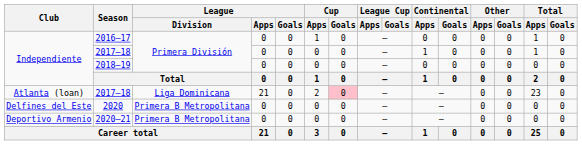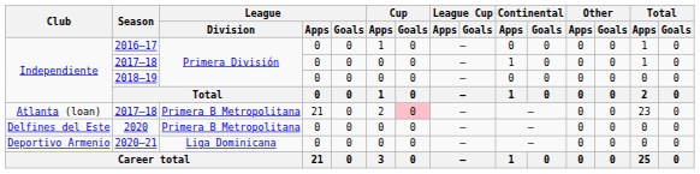 <table class="wikitable" style="text-align:center">
 <tr>
 <th rowspan="2">Club</th>
 <th rowspan="2">Season</th>
 <th colspan="3">League</th>
 <th colspan="2">Cup</th>
 <th colspan="2">League Cup</th>
 <th colspan="2">Continental</th>
 <th colspan="2">Other</th>
 <th colspan="2">Total</th>
 </tr>
 <tr>
 <th>Division</th>
 <th>Apps</th>
 <th>Goals</th>
 <th>Apps</th>
 <th>Goals</th>
 <th>Apps</th>
 <th>Goals</th>
 <th>Apps</th>
 <th>Goals</th>
 <th>Apps</th>
 <th>Goals</th>
 <th>Apps</th>
 <th>Goals</th>
 </tr>
 <tr>
 <td rowspan="4"><a href='#'>Independiente</a></td>
 <td><a href='#'>2016–17</a></td>
 <td rowspan="3"><a href='#'>Primera División</a></td>
 <td>0</td>
 <td>0</td>
 <td>1</td>
 <td>0</td>
 <td colspan="2">—</td>
 <td>0</td>
 <td>0</td>
 <td>0</td>
 <td>0</td>
 <td>1</td>
 <td>0</td>
 </tr>
 <tr>
 <td><a href='#'>2017–18</a></td>
 <td>0</td>
 <td>0</td>
 <td>0</td>
 <td>0</td>
 <td colspan="2">—</td>
 <td>1</td>
 <td>0</td>
 <td>0</td>
 <td>0</td>
 <td>1</td>
 <td>0</td>
 </tr>
 <tr>
 <td><a href='#'>2018–19</a></td>
 <td>0</td>
 <td>0</td>
 <td>0</td>
 <td>0</td>
 <td colspan="2">—</td>
 <td>0</td>
 <td>0</td>
 <td>0</td>
 <td>0</td>
 <td>0</td>
 <td>0</td>
 </tr>
 <tr>
 <th colspan="2">Total</th>
 <th>0</th>
 <th>0</th>
 <th>1</th>
 <th>0</th>
 <th colspan="2">—</th>
 <th>1</th>
 <th>0</th>
 <th>0</th>
 <th>0</th>
 <th>2</th>
 <th>0</th>
 </tr>
 <tr>
 <td rowspan="1"><a href='#'>Atlanta</a> (loan)</td>
 <td><a href='#'>2017–18</a></td>
-<td rowspan="1"><a href='#'>Liga Dominicana</a></td>
+<td rowspan="1"><a href='#'>Primera B Metropolitana</a></td>
 <td>21</td>
 <td>0</td>
 <td>2</td>
 <td style="background: pink;">0</td>
 <td colspan="2">—</td>
 <td colspan="2">—</td>
 <td>0</td>
 <td>0</td>
 <td>23</td>
 <td>0</td>
 </tr>
 <tr>
 <td rowspan="1"><a href='#'>Delfines del Este</a></td>
 <td><a href='#'>2020</a></td>
 <td rowspan="1"><a href='#'>Primera B Metropolitana</a></td>
 <td>0</td>
 <td>0</td>
 <td>0</td>
 <td>0</td>
 <td colspan="2">—</td>
 <td colspan="2">—</td>
 <td>0</td>
 <td>0</td>
 <td>0</td>
 <td>0</td>
 </tr>
 <tr>
 <td rowspan="1"><a href='#'>Deportivo Armenio</a></td>
 <td><a href='#'>2020–21</a></td>
-<td rowspan="1"><a href='#'>Primera B Metropolitana</a></td>
+<td rowspan="1"><a href='#'>Liga Dominicana</a></td>
 <td>0</td>
 <td>0</td>
 <td>0</td>
 <td>0</td>
 <td colspan="2">—</td>
 <td colspan="2">—</td>
 <td>0</td>
 <td>0</td>
 <td>0</td>
 <td>0</td>
 </tr>
 <tr>
 <th colspan="3">Career total</th>
 <th>21</th>
 <th>0</th>
 <th>3</th>
 <th>0</th>
 <th colspan="2">—</th>
 <th>1</th>
 <th>0</th>
 <th>0</th>
 <th>0</th>
 <th>25</th>
 <th>0</th>
 </tr>
 </table>
